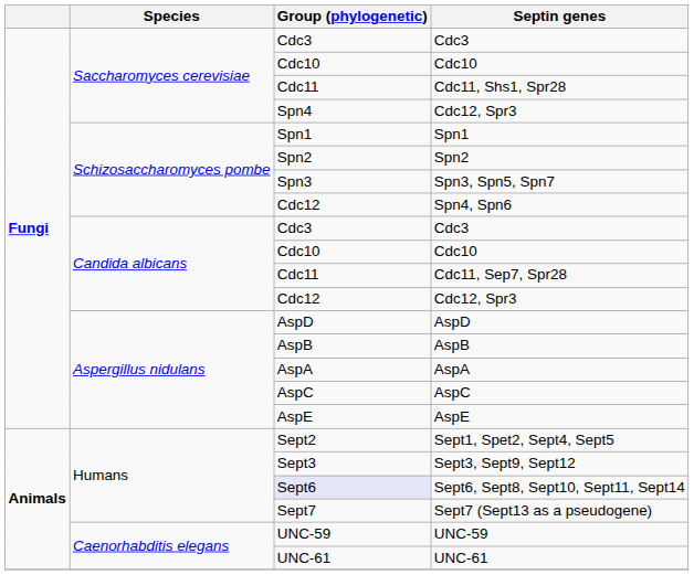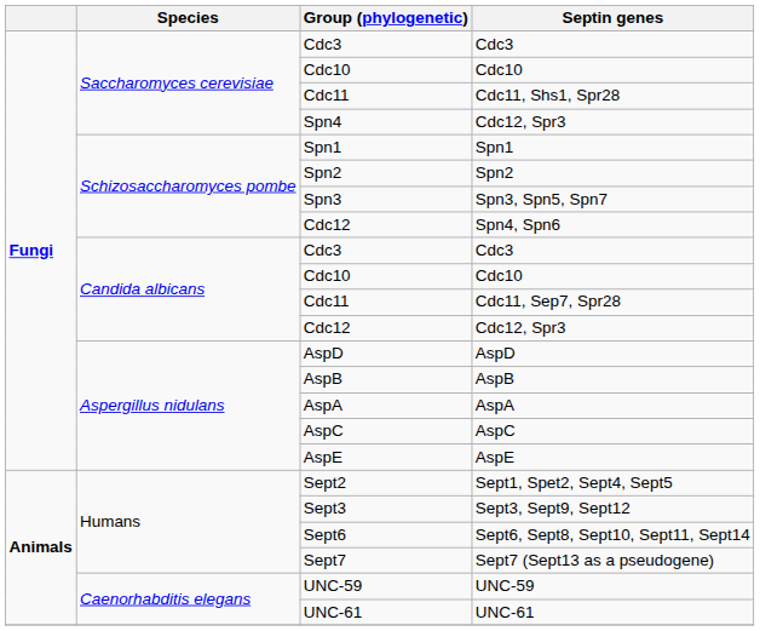 <table class="wikitable collapsible collapsed" border="1">
 <tr>
 <th></th>
 <th>Species</th>
 <th>Group (<a href='#'>phylogenetic</a>)</th>
 <th>Septin genes</th>
 </tr>
 <tr>
 <td rowspan="17"><strong><a href='#'>Fungi</a></strong></td>
 <td rowspan="4"><em><a href='#'>Saccharomyces cerevisiae</a></em></td>
 <td>Cdc3</td>
 <td>Cdc3</td>
 </tr>
 <tr>
 <td>Cdc10</td>
 <td>Cdc10</td>
 </tr>
 <tr>
 <td>Cdc11</td>
 <td>Cdc11, Shs1, Spr28</td>
 </tr>
 <tr>
 <td>Spn4</td>
 <td>Cdc12, Spr3</td>
 </tr>
 <tr>
 <td rowspan="4"><em><a href='#'>Schizosaccharomyces pombe</a></em></td>
 <td>Spn1</td>
 <td>Spn1</td>
 </tr>
 <tr>
 <td>Spn2</td>
 <td>Spn2</td>
 </tr>
 <tr>
 <td>Spn3</td>
 <td>Spn3, Spn5, Spn7</td>
 </tr>
 <tr>
 <td>Cdc12</td>
 <td>Spn4, Spn6</td>
 </tr>
 <tr>
 <td rowspan="4"><em><a href='#'>Candida albicans</a></em></td>
 <td>Cdc3</td>
 <td>Cdc3</td>
 </tr>
 <tr>
 <td>Cdc10</td>
 <td>Cdc10</td>
 </tr>
 <tr>
 <td>Cdc11</td>
 <td>Cdc11, Sep7, Spr28</td>
 </tr>
 <tr>
 <td>Cdc12</td>
 <td>Cdc12, Spr3</td>
 </tr>
 <tr>
 <td rowspan="5"><em><a href='#'>Aspergillus nidulans</a></em></td>
 <td>AspD</td>
 <td>AspD</td>
 </tr>
 <tr>
 <td>AspB</td>
 <td>AspB</td>
 </tr>
 <tr>
 <td>AspA</td>
 <td>AspA</td>
 </tr>
 <tr>
 <td>AspC</td>
 <td>AspC</td>
 </tr>
 <tr>
 <td>AspE</td>
 <td>AspE</td>
 </tr>
 <tr>
 <td rowspan="6"><strong>Animals</strong></td>
 <td rowspan="4">Humans</td>
 <td>Sept2</td>
 <td>Sept1, Spet2, Sept4, Sept5</td>
 </tr>
 <tr>
 <td>Sept3</td>
 <td>Sept3, Sept9, Sept12</td>
 </tr>
 <tr>
-<td style="background: lavender;">Sept6</td>
+<td>Sept6</td>
 <td>Sept6, Sept8, Sept10, Sept11, Sept14</td>
 </tr>
 <tr>
 <td>Sept7</td>
 <td>Sept7 (Sept13 as a pseudogene)</td>
 </tr>
 <tr>
 <td rowspan="2"><em><a href='#'>Caenorhabditis elegans</a></em></td>
 <td>UNC-59</td>
 <td>UNC-59</td>
 </tr>
 <tr>
 <td>UNC-61</td>
 <td>UNC-61</td>
 </tr>
 <tr>
 </tr>
 </table>
